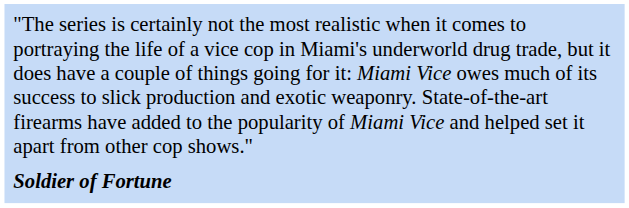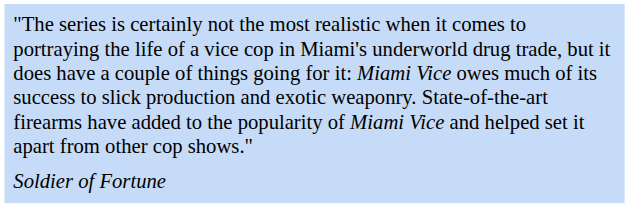 <table class="toccolours" style="float: right; margin-left: 1em; margin-right: 2em; font-size: 85%; background:#c6dbf7; color:black; width:30em; max-width: 40%;" cellspacing="5">
 <tr>
 <td style="text-align: left;">"The series is certainly not the most realistic when it comes to portraying the life of a vice cop in Miami's underworld drug trade, but it does have a couple of things going for it: <em>Miami Vice</em> owes much of its success to slick production and exotic weaponry. State-of-the-art firearms have added to the popularity of <em>Miami Vice</em> and helped set it apart from other cop shows."</td>
 </tr>
 <tr>
-<td style="text-align: left;"><strong><em>Soldier of Fortune</em></strong></td>
+<td style="text-align: left;"><em>Soldier of Fortune</em></td>
 </tr>
 </table>
